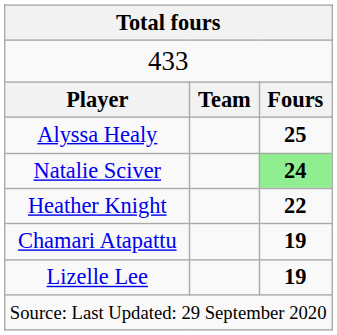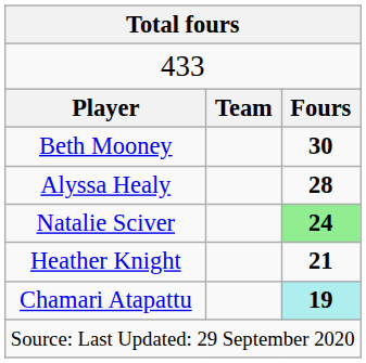 <table class="wikitable sortable" style="text-align:center; float:left;">
 <tr>
 <th class="unsortable" colspan=3>Total fours</th>
 </tr>
 <tr>
 <td class="unsortable" colspan=3><big>433</big></td>
 </tr>
 <tr>
 <th class="unsortable">Player</th>
 <th>Team</th>
 <th>Fours</th>
 </tr>
 <tr>
+<td><a href='#'>Beth Mooney</a></td>
+<td></td>
+<td><strong>30</strong></td>
+</tr>
+<tr>
 <td><a href='#'>Alyssa Healy</a></td>
 <td></td>
-<td><strong>25</strong></td>
+<td><strong>28</strong></td>
 </tr>
 <tr>
 <td><a href='#'>Natalie Sciver</a></td>
 <td></td>
 <td style="background: lightgreen;"><strong>24</strong></td>
 </tr>
 <tr>
 <td><a href='#'>	 Heather Knight</a></td>
 <td></td>
-<td><strong>22</strong></td>
+<td><strong>21</strong></td>
 </tr>
 <tr>
 <td><a href='#'>Chamari Atapattu</a></td>
 <td></td>
-<td><strong>19</strong></td>
-</tr>
-<tr>
-<td><a href='#'>Lizelle Lee</a></td>
-<td></td>
-<td><strong>19</strong></td>
+<td style="background: paleturquoise;"><strong>19</strong></td>
 </tr>
 <tr>
 <td colspan=3><small>Source:  Last Updated: 29 September 2020</small></td>
 </tr>
 </table>
